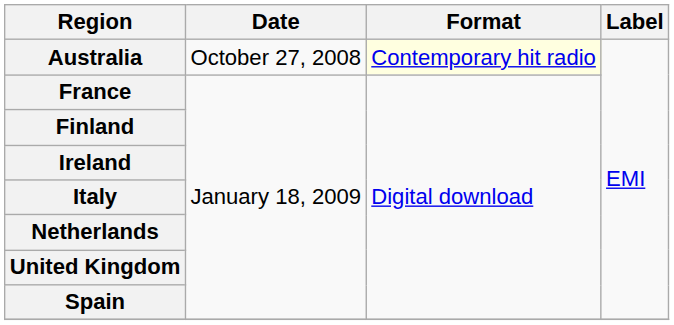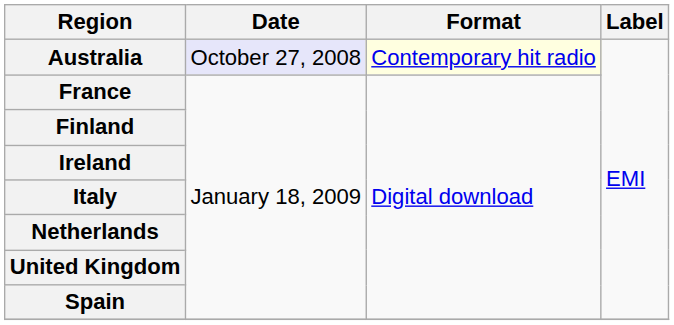 <table class="wikitable plainrowheaders">
 <tr>
 <th scope="col">Region</th>
 <th scope="col">Date</th>
 <th scope="col">Format</th>
 <th scope="col">Label</th>
 </tr>
 <tr>
 <th scope="row">Australia</th>
-<td>October 27, 2008</td>
+<td style="background: lavender;">October 27, 2008</td>
 <td style="background: lightyellow;"><a href='#'>Contemporary hit radio</a></td>
 <td rowspan="8"><a href='#'>EMI</a></td>
 </tr>
 <tr>
 <th scope="row">France</th>
 <td rowspan="7">January 18, 2009</td>
 <td rowspan="7"><a href='#'>Digital download</a></td>
 </tr>
 <tr>
 <th scope="row">Finland</th>
 </tr>
 <tr>
 <th scope="row">Ireland</th>
 </tr>
 <tr>
 <th scope="row">Italy</th>
 </tr>
 <tr>
 <th scope="row">Netherlands</th>
 </tr>
 <tr>
 <th scope="row">United Kingdom</th>
 </tr>
 <tr>
 <th scope="row">Spain</th>
 </tr>
 <tr>
 </tr>
 </table>
